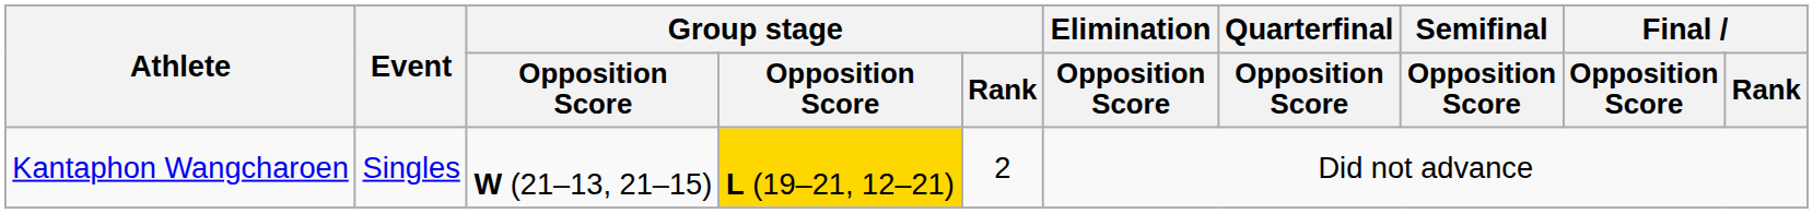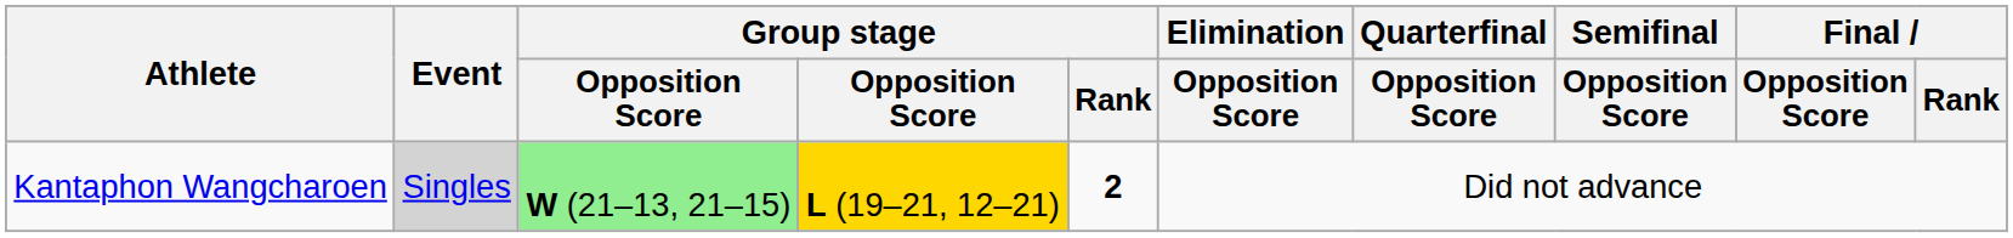 <table class="wikitable" style="font-size:90%">
 <tr>
 <th rowspan=2>Athlete</th>
 <th rowspan=2>Event</th>
 <th colspan=3>Group stage</th>
 <th>Elimination</th>
 <th>Quarterfinal</th>
 <th>Semifinal</th>
 <th colspan=2>Final / </th>
 </tr>
 <tr style="font-size:95%">
 <th>Opposition<br>Score</th>
 <th>Opposition<br>Score</th>
 <th>Rank</th>
 <th>Opposition<br>Score</th>
 <th>Opposition<br>Score</th>
 <th>Opposition<br>Score</th>
 <th>Opposition<br>Score</th>
 <th>Rank</th>
 </tr>
 <tr align=center>
 <td align=left><a href='#'>Kantaphon Wangcharoen</a></td>
-<td align="left"><a href='#'>Singles</a></td>
-<td><br><strong>W</strong> (21–13, 21–15)</td>
+<td align="left" style="background: lightgrey;"><a href='#'>Singles</a></td>
+<td style="background: lightgreen;"><br><strong>W</strong> (21–13, 21–15)</td>
 <td style="background: gold;"><br><strong>L</strong> (19–21, 12–21)</td>
-<td>2</td>
+<td><strong>2</strong></td>
 <td colspan=5>Did not advance</td>
 </tr>
 </table>
